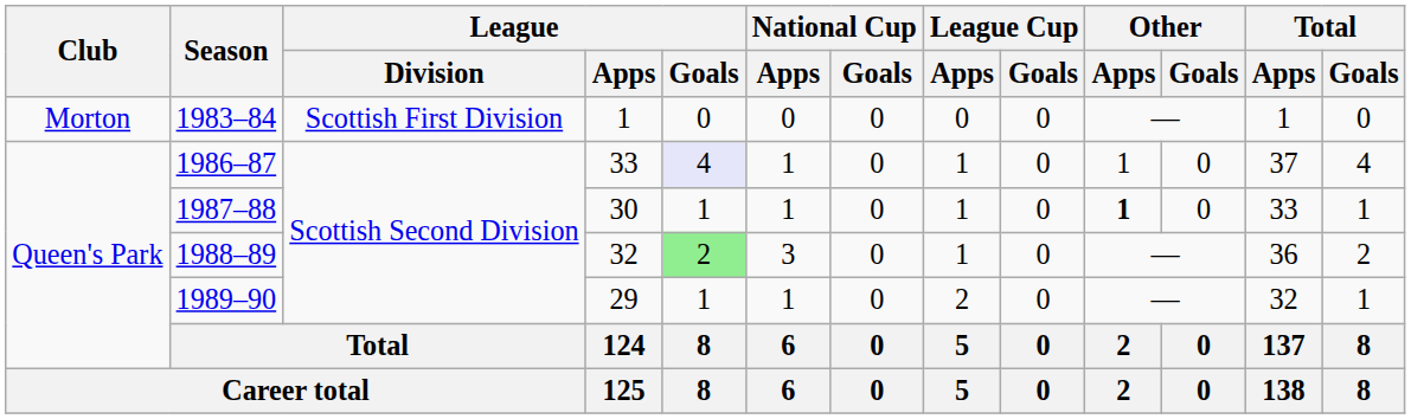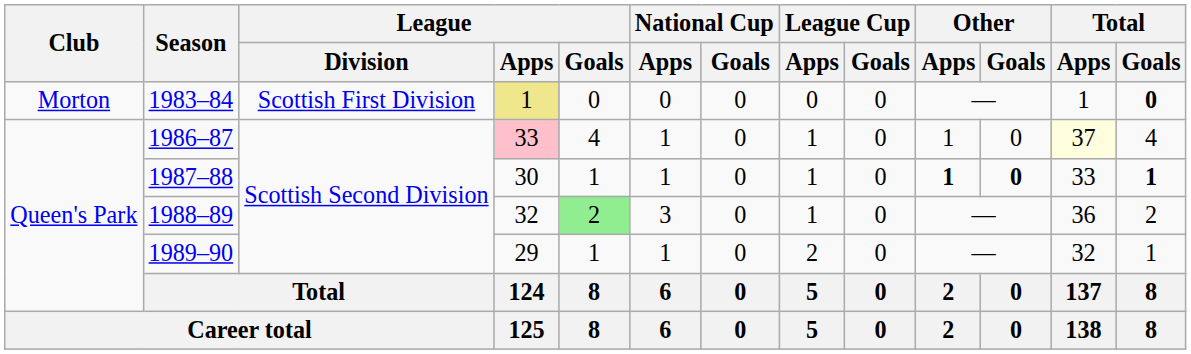 <table class="wikitable" style="text-align: center;">
 <tr>
 <th rowspan="2">Club</th>
 <th rowspan="2">Season</th>
 <th colspan="3">League</th>
 <th colspan="2">National Cup</th>
 <th colspan="2">League Cup</th>
 <th colspan="2">Other</th>
 <th colspan="2">Total</th>
 </tr>
 <tr>
 <th>Division</th>
 <th>Apps</th>
 <th>Goals</th>
 <th>Apps</th>
 <th>Goals</th>
 <th>Apps</th>
 <th>Goals</th>
 <th>Apps</th>
 <th>Goals</th>
 <th>Apps</th>
 <th>Goals</th>
 </tr>
 <tr>
 <td><a href='#'>Morton</a></td>
 <td><a href='#'>1983–84</a></td>
 <td><a href='#'>Scottish First Division</a></td>
-<td>1</td>
+<td style="background: khaki;">1</td>
 <td>0</td>
 <td>0</td>
 <td>0</td>
 <td>0</td>
 <td>0</td>
 <td colspan="2">—</td>
 <td>1</td>
-<td>0</td>
+<td><strong>0</strong></td>
 </tr>
 <tr>
 <td rowspan="5"><a href='#'>Queen's Park</a></td>
 <td><a href='#'>1986–87</a></td>
 <td rowspan="4"><a href='#'>Scottish Second Division</a></td>
-<td>33</td>
-<td style="background: lavender;">4</td>
+<td style="background: pink;">33</td>
+<td>4</td>
 <td>1</td>
 <td>0</td>
 <td>1</td>
 <td>0</td>
 <td>1</td>
 <td>0</td>
-<td>37</td>
+<td style="background: lightyellow;">37</td>
 <td>4</td>
 </tr>
 <tr>
 <td><a href='#'>1987–88</a></td>
 <td>30</td>
 <td>1</td>
 <td>1</td>
 <td>0</td>
 <td>1</td>
 <td>0</td>
 <td><strong>1</strong></td>
-<td>0</td>
+<td><strong>0</strong></td>
 <td>33</td>
-<td>1</td>
+<td><strong>1</strong></td>
 </tr>
 <tr>
 <td><a href='#'>1988–89</a></td>
 <td>32</td>
 <td style="background: lightgreen;">2</td>
 <td>3</td>
 <td>0</td>
 <td>1</td>
 <td>0</td>
 <td colspan="2">—</td>
 <td>36</td>
 <td>2</td>
 </tr>
 <tr>
 <td><a href='#'>1989–90</a></td>
 <td>29</td>
 <td>1</td>
 <td>1</td>
 <td>0</td>
 <td>2</td>
 <td>0</td>
 <td colspan="2">—</td>
 <td>32</td>
 <td>1</td>
 </tr>
 <tr>
 <th colspan="2">Total</th>
 <th>124</th>
 <th>8</th>
 <th>6</th>
 <th>0</th>
 <th>5</th>
 <th>0</th>
 <th>2</th>
 <th>0</th>
 <th>137</th>
 <th>8</th>
 </tr>
 <tr>
 <th colspan="3">Career total</th>
 <th>125</th>
 <th>8</th>
 <th>6</th>
 <th>0</th>
 <th>5</th>
 <th>0</th>
 <th>2</th>
 <th>0</th>
 <th>138</th>
 <th>8</th>
 </tr>
 </table>
